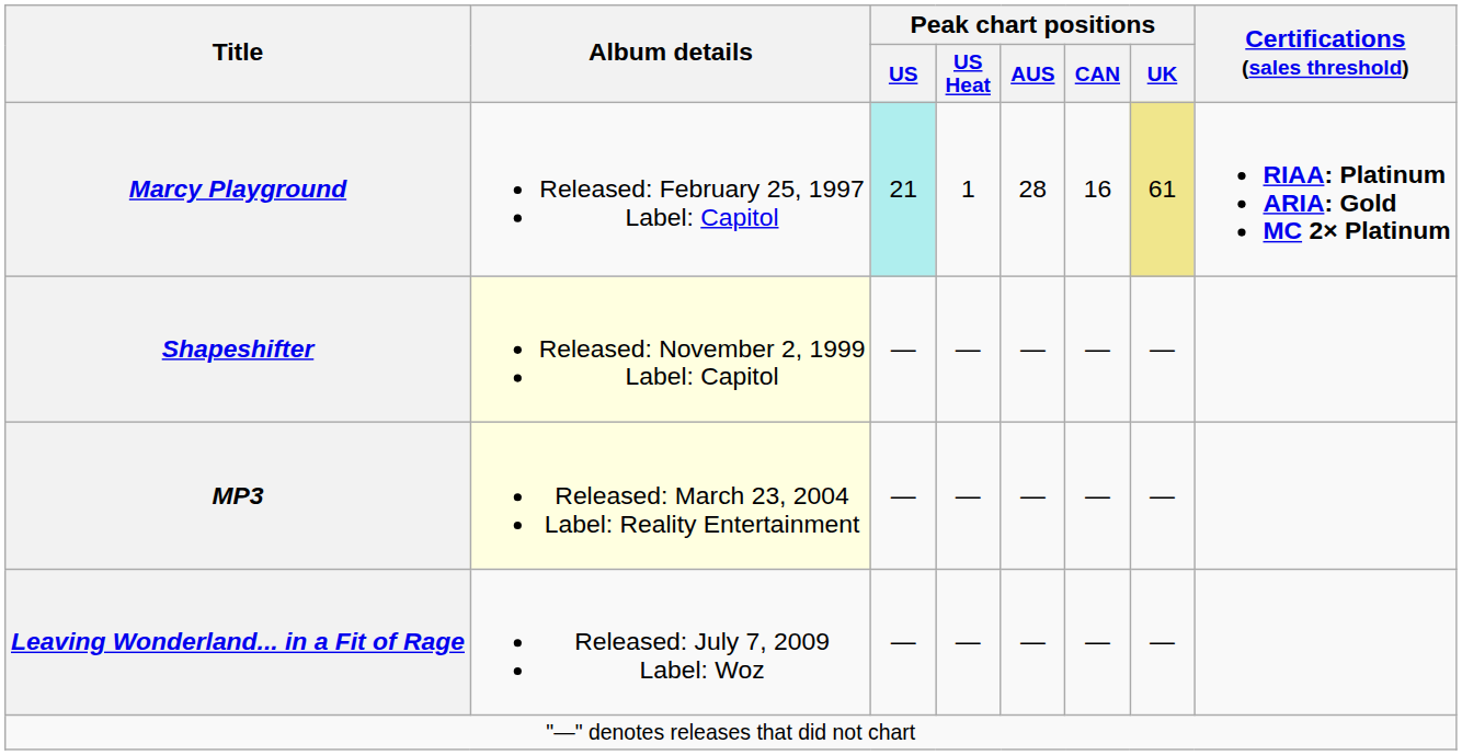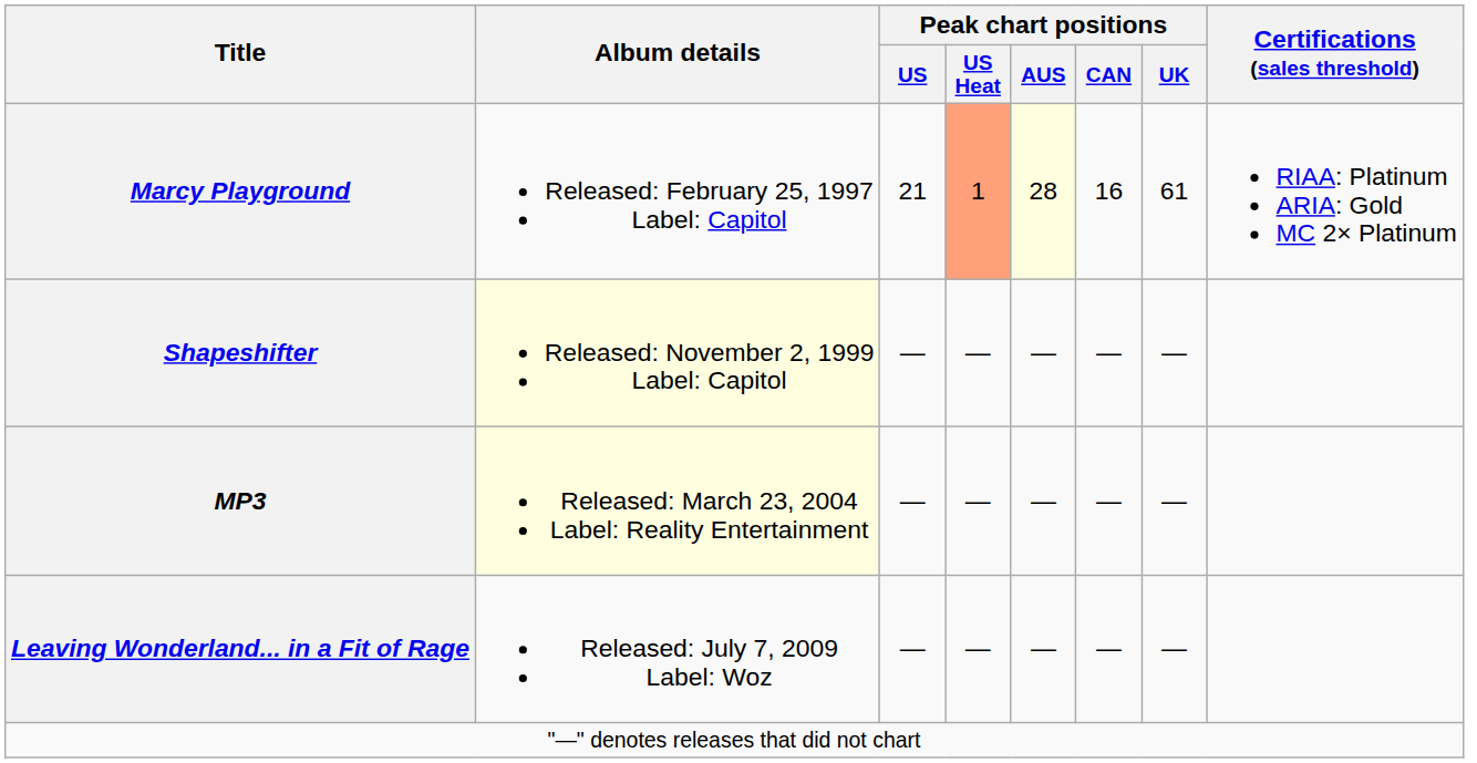 <table class="wikitable plainrowheaders" style="text-align:center;">
 <tr>
 <th rowspan="2">Title</th>
 <th rowspan="2">Album details</th>
 <th colspan="5">Peak chart positions</th>
 <th rowspan="2"><a href='#'>Certifications</a><br><small>(<a href='#'>sales threshold</a>)</small></th>
 </tr>
 <tr style="font-size:smaller;">
 <th style="width:35px;"><a href='#'>US</a><br></th>
 <th style="width:35px;"><a href='#'>US Heat</a><br></th>
 <th style="width:35px;"><a href='#'>AUS</a><br></th>
 <th style="width:35px;"><a href='#'>CAN</a><br></th>
 <th style="width:35px;"><a href='#'>UK</a><br></th>
 </tr>
 <tr>
 <th scope="row"><em><a href='#'>Marcy Playground</a></em></th>
 <td><br><ul><li>Released: February 25, 1997</li><li>Label: <a href='#'>Capitol</a></li></ul></td>
-<td style="background: paleturquoise;">21</td>
-<td>1</td>
-<td>28</td>
+<td>21</td>
+<td style="background: lightsalmon;">1</td>
+<td style="background: lightyellow;">28</td>
 <td>16</td>
-<td style="background: khaki;">61</td>
-<td style="text-align:left;"><strong><br><ul><li><a href='#'>RIAA</a>: Platinum</li><li><a href='#'>ARIA</a>: Gold</li><li><a href='#'>MC</a> 2× Platinum</li></ul></strong></td>
+<td>61</td>
+<td style="text-align:left;"><br><ul><li><a href='#'>RIAA</a>: Platinum</li><li><a href='#'>ARIA</a>: Gold</li><li><a href='#'>MC</a> 2× Platinum</li></ul></td>
 </tr>
 <tr>
 <th scope="row"><em><a href='#'>Shapeshifter</a></em></th>
 <td style="background: lightyellow;"><br><ul><li>Released: November 2, 1999</li><li>Label: Capitol</li></ul></td>
 <td>—</td>
 <td>—</td>
 <td>—</td>
 <td>—</td>
 <td>—</td>
 <td></td>
 </tr>
 <tr>
 <th scope="row"><em>MP3</em></th>
 <td style="background: lightyellow;"><br><ul><li>Released: March 23, 2004</li><li>Label: Reality Entertainment</li></ul></td>
 <td>—</td>
 <td>—</td>
 <td>—</td>
 <td>—</td>
 <td>—</td>
 <td></td>
 </tr>
 <tr>
 <th scope="row"><em><a href='#'>Leaving Wonderland... in a Fit of Rage</a></em></th>
 <td><br><ul><li>Released: July 7, 2009</li><li>Label: Woz</li></ul></td>
 <td>—</td>
 <td>—</td>
 <td>—</td>
 <td>—</td>
 <td>—</td>
 <td></td>
 </tr>
 <tr>
 <td colspan="10" style="font-size:85%">"—" denotes releases that did not chart</td>
 </tr>
 </table>
